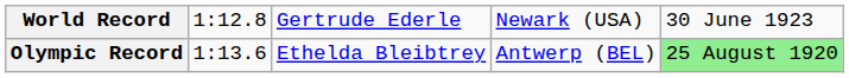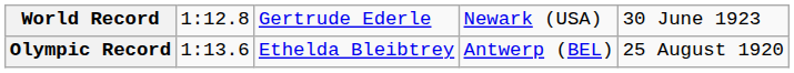 <table class="wikitable" style="font-size:95%;">
 <tr>
 <th>World Record</th>
 <td>1:12.8</td>
 <td> <a href='#'>Gertrude Ederle</a></td>
 <td><a href='#'>Newark</a> (USA)</td>
 <td>30 June 1923</td>
 </tr>
 <tr>
 <th>Olympic Record</th>
 <td>1:13.6</td>
 <td> <a href='#'>Ethelda Bleibtrey</a></td>
 <td><a href='#'>Antwerp</a> (<a href='#'>BEL</a>)</td>
-<td style="background: lightgreen;">25 August 1920</td>
+<td>25 August 1920</td>
 </tr>
 </table>
